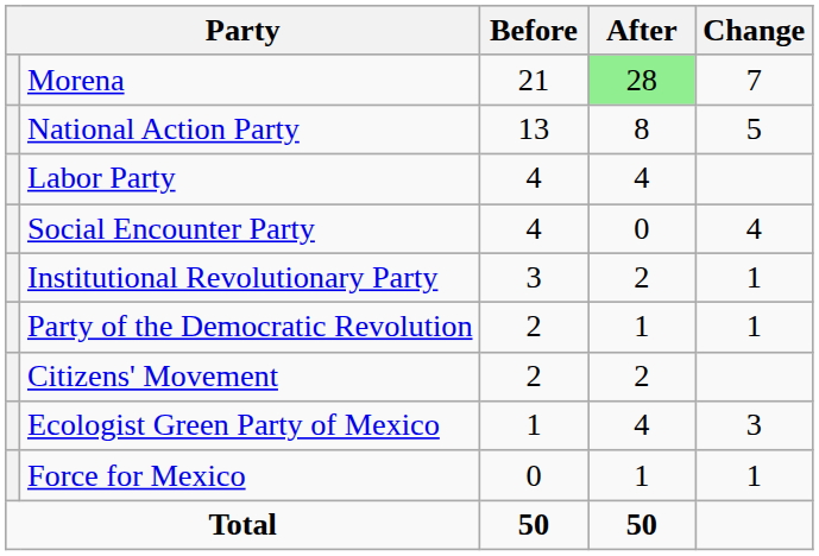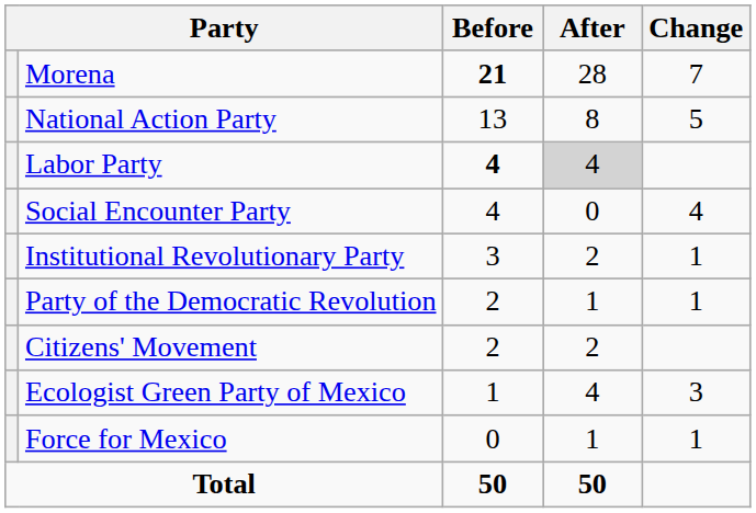 <table class="wikitable" style="text-align:center;">
 <tr>
 <th colspan="2">Party</th>
 <th style="width:3em">Before</th>
 <th style="width:3em">After</th>
 <th style="width:3em">Change</th>
 </tr>
 <tr>
 <th style="background-color:"></th>
 <td style="text-align:left;"><a href='#'>Morena</a></td>
-<td>21</td>
-<td style="background: lightgreen;">28</td>
+<td><strong>21</strong></td>
+<td>28</td>
 <td>7</td>
 </tr>
 <tr>
 <th style="background-color:"></th>
 <td style="text-align:left;"><a href='#'>National Action Party</a></td>
 <td>13</td>
 <td>8</td>
 <td>5</td>
 </tr>
 <tr>
 <th style="background-color:"></th>
 <td style="text-align:left;"><a href='#'>Labor Party</a></td>
-<td>4</td>
-<td>4</td>
+<td><strong>4</strong></td>
+<td style="background: lightgrey;">4</td>
 <td></td>
 </tr>
 <tr>
 <th style="background-color:"></th>
 <td style="text-align:left;"><a href='#'>Social Encounter Party</a></td>
 <td>4</td>
 <td>0</td>
 <td>4</td>
 </tr>
 <tr>
 <th style="background-color:"></th>
 <td style="text-align:left;"><a href='#'>Institutional Revolutionary Party</a></td>
 <td>3</td>
 <td>2</td>
 <td>1</td>
 </tr>
 <tr>
 <th style="background-color:"></th>
 <td style="text-align:left;"><a href='#'>Party of the Democratic Revolution</a></td>
 <td>2</td>
 <td>1</td>
 <td>1</td>
 </tr>
 <tr>
 <th style="background-color:"></th>
 <td style="text-align:left;"><a href='#'>Citizens' Movement</a></td>
 <td>2</td>
 <td>2</td>
 <td></td>
 </tr>
 <tr>
 <th style="background-color:"></th>
 <td style="text-align:left;"><a href='#'>Ecologist Green Party of Mexico</a></td>
 <td>1</td>
 <td>4</td>
 <td>3</td>
 </tr>
 <tr>
 <th style="background-color:"></th>
 <td style="text-align:left;"><a href='#'>Force for Mexico</a></td>
 <td>0</td>
 <td>1</td>
 <td>1</td>
 </tr>
 <tr>
 <td colspan="2"><strong>Total</strong></td>
 <td><strong>50</strong></td>
 <td><strong>50</strong></td>
 <td></td>
 </tr>
 </table>
